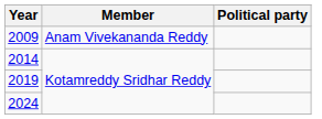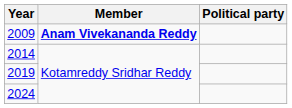 <table class="wikitable sortable">
 <tr>
 <th>Year</th>
 <th>Member</th>
 <th colspan=2>Political party</th>
 </tr>
 <tr>
 <td><a href='#'>2009</a></td>
-<td><a href='#'>Anam Vivekananda Reddy</a></td>
+<td><strong><a href='#'>Anam Vivekananda Reddy</a></strong></td>
 <td></td>
 </tr>
 <tr>
 <td><a href='#'>2014</a></td>
 <td rowspan=3><a href='#'>Kotamreddy Sridhar Reddy</a></td>
 <td></td>
 </tr>
 <tr>
 <td><a href='#'>2019</a></td>
 </tr>
 <tr>
 <td><a href='#'>2024</a></td>
 <td></td>
 </tr>
 </table>
